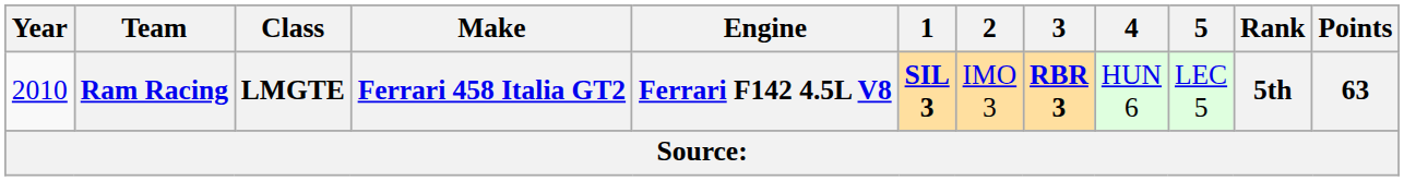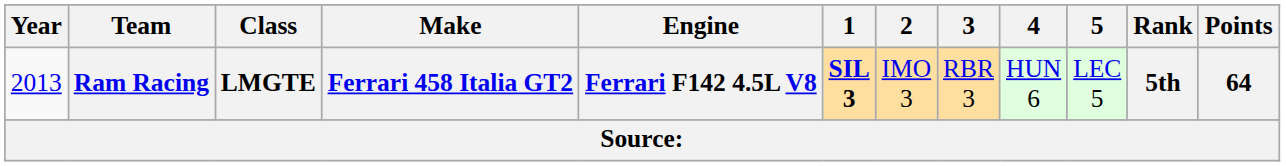 <table class="wikitable" style="text-align:center; font-size:90%">
 <tr>
 <th>Year</th>
 <th>Team</th>
 <th>Class</th>
 <th>Make</th>
 <th>Engine</th>
 <th>1</th>
 <th>2</th>
 <th>3</th>
 <th>4</th>
 <th>5</th>
 <th>Rank</th>
 <th>Points</th>
 </tr>
 <tr>
-<td><a href='#'>2010</a></td>
+<td><a href='#'>2013</a></td>
 <th><a href='#'>Ram Racing</a></th>
 <th>LMGTE</th>
 <th><a href='#'>Ferrari 458 Italia GT2</a></th>
 <th><a href='#'>Ferrari</a> F142 4.5L <a href='#'>V8</a></th>
 <td style="background:#FFDF9F;”"><strong><a href='#'>SIL</a><br>3</strong></td>
 <td style="background:#FFDF9F;”"><a href='#'>IMO</a><br>3</td>
-<td style="background:#FFDF9F;”"><strong><a href='#'>RBR</a><br>3</strong></td>
+<td style="background:#FFDF9F;”"><a href='#'>RBR</a><br>3</td>
 <td style="background:#DFFFDF;"><a href='#'>HUN</a><br>6</td>
 <td style="background:#DFFFDF;"><a href='#'>LEC</a><br>5</td>
 <th>5th</th>
-<th>63</th>
+<th>64</th>
 </tr>
 <tr>
 <th colspan="12">Source:</th>
 </tr>
 </table>
